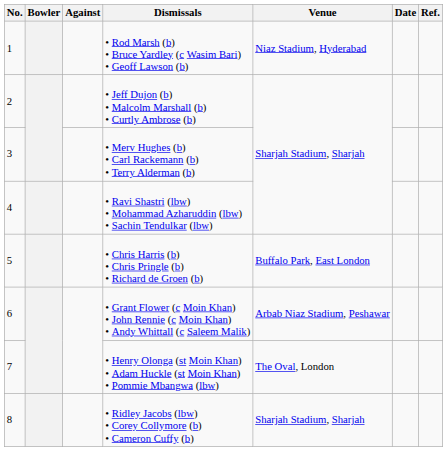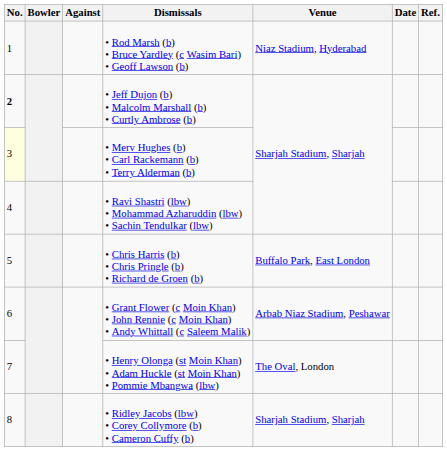 <table class="wikitable sortable plainrowheaders" style="font-size: 100%">
 <tr>
 <th scope="col">No.</th>
 <th scope="col">Bowler</th>
 <th scope="col">Against</th>
 <th scope="col">Dismissals</th>
 <th scope="col">Venue</th>
 <th scope="col">Date</th>
 <th scope="col" class="unsortable">Ref.</th>
 </tr>
 <tr>
 <td>1</td>
 <th scope="row"></th>
 <td></td>
 <td><br>• <a href='#'>Rod Marsh</a> (<a href='#'>b</a>)<br> • <a href='#'>Bruce Yardley</a> (<a href='#'>c</a> <a href='#'>Wasim Bari</a>)<br> • <a href='#'>Geoff Lawson</a> (<a href='#'>b</a>)</td>
 <td> <a href='#'>Niaz Stadium</a>, <a href='#'>Hyderabad</a></td>
 <td></td>
 <td></td>
 </tr>
 <tr>
-<td>2</td>
+<td><strong>2</strong></td>
 <th scope="row" rowspan=2></th>
 <td></td>
 <td><br>• <a href='#'>Jeff Dujon</a> (<a href='#'>b</a>)<br> • <a href='#'>Malcolm Marshall</a> (<a href='#'>b</a>)<br> • <a href='#'>Curtly Ambrose</a> (<a href='#'>b</a>)</td>
 <td rowspan=3> <a href='#'>Sharjah Stadium</a>, <a href='#'>Sharjah</a></td>
 <td></td>
 <td></td>
 </tr>
 <tr>
-<td>3</td>
+<td style="background: lightyellow;">3</td>
 <td></td>
 <td><br>• <a href='#'>Merv Hughes</a> (<a href='#'>b</a>)<br> • <a href='#'>Carl Rackemann</a> (<a href='#'>b</a>)<br> • <a href='#'>Terry Alderman</a> (<a href='#'>b</a>)</td>
 <td></td>
 <td></td>
 </tr>
 <tr>
 <td>4</td>
 <th scope="row"></th>
 <td></td>
 <td><br>• <a href='#'>Ravi Shastri</a> (<a href='#'>lbw</a>)<br> • <a href='#'>Mohammad Azharuddin</a> (<a href='#'>lbw</a>)<br> • <a href='#'>Sachin Tendulkar</a> (<a href='#'>lbw</a>)</td>
 <td></td>
 <td></td>
 </tr>
 <tr>
 <td>5</td>
 <th scope="row"></th>
 <td></td>
 <td><br>• <a href='#'>Chris Harris</a> (<a href='#'>b</a>)<br> • <a href='#'>Chris Pringle</a> (<a href='#'>b</a>)<br> • <a href='#'>Richard de Groen</a> (<a href='#'>b</a>)</td>
 <td> <a href='#'>Buffalo Park</a>, <a href='#'>East London</a></td>
 <td></td>
 <td></td>
 </tr>
 <tr>
 <td>6</td>
 <th scope="row" rowspan=2></th>
 <td rowspan=2></td>
 <td><br>• <a href='#'>Grant Flower</a> (<a href='#'>c</a> <a href='#'>Moin Khan</a>)<br> • <a href='#'>John Rennie</a> (<a href='#'>c</a> <a href='#'>Moin Khan</a>)<br> • <a href='#'>Andy Whittall</a> (<a href='#'>c</a> <a href='#'>Saleem Malik</a>)</td>
 <td> <a href='#'>Arbab Niaz Stadium</a>, <a href='#'>Peshawar</a></td>
 <td></td>
 <td></td>
 </tr>
 <tr>
 <td>7</td>
 <td><br>• <a href='#'>Henry Olonga</a> (<a href='#'>st</a> <a href='#'>Moin Khan</a>)<br> • <a href='#'>Adam Huckle</a> (<a href='#'>st</a> <a href='#'>Moin Khan</a>)<br> • <a href='#'>Pommie Mbangwa</a> (<a href='#'>lbw</a>)</td>
 <td> <a href='#'>The Oval</a>, London</td>
 <td> </td>
 <td></td>
 </tr>
 <tr>
 <td>8</td>
 <th scope="row"></th>
 <td></td>
 <td><br>• <a href='#'>Ridley Jacobs</a> (<a href='#'>lbw</a>)<br> • <a href='#'>Corey Collymore</a> (<a href='#'>b</a>)<br> • <a href='#'>Cameron Cuffy</a> (<a href='#'>b</a>)</td>
 <td> <a href='#'>Sharjah Stadium</a>, <a href='#'>Sharjah</a></td>
 <td></td>
 <td></td>
 </tr>
 </table>
